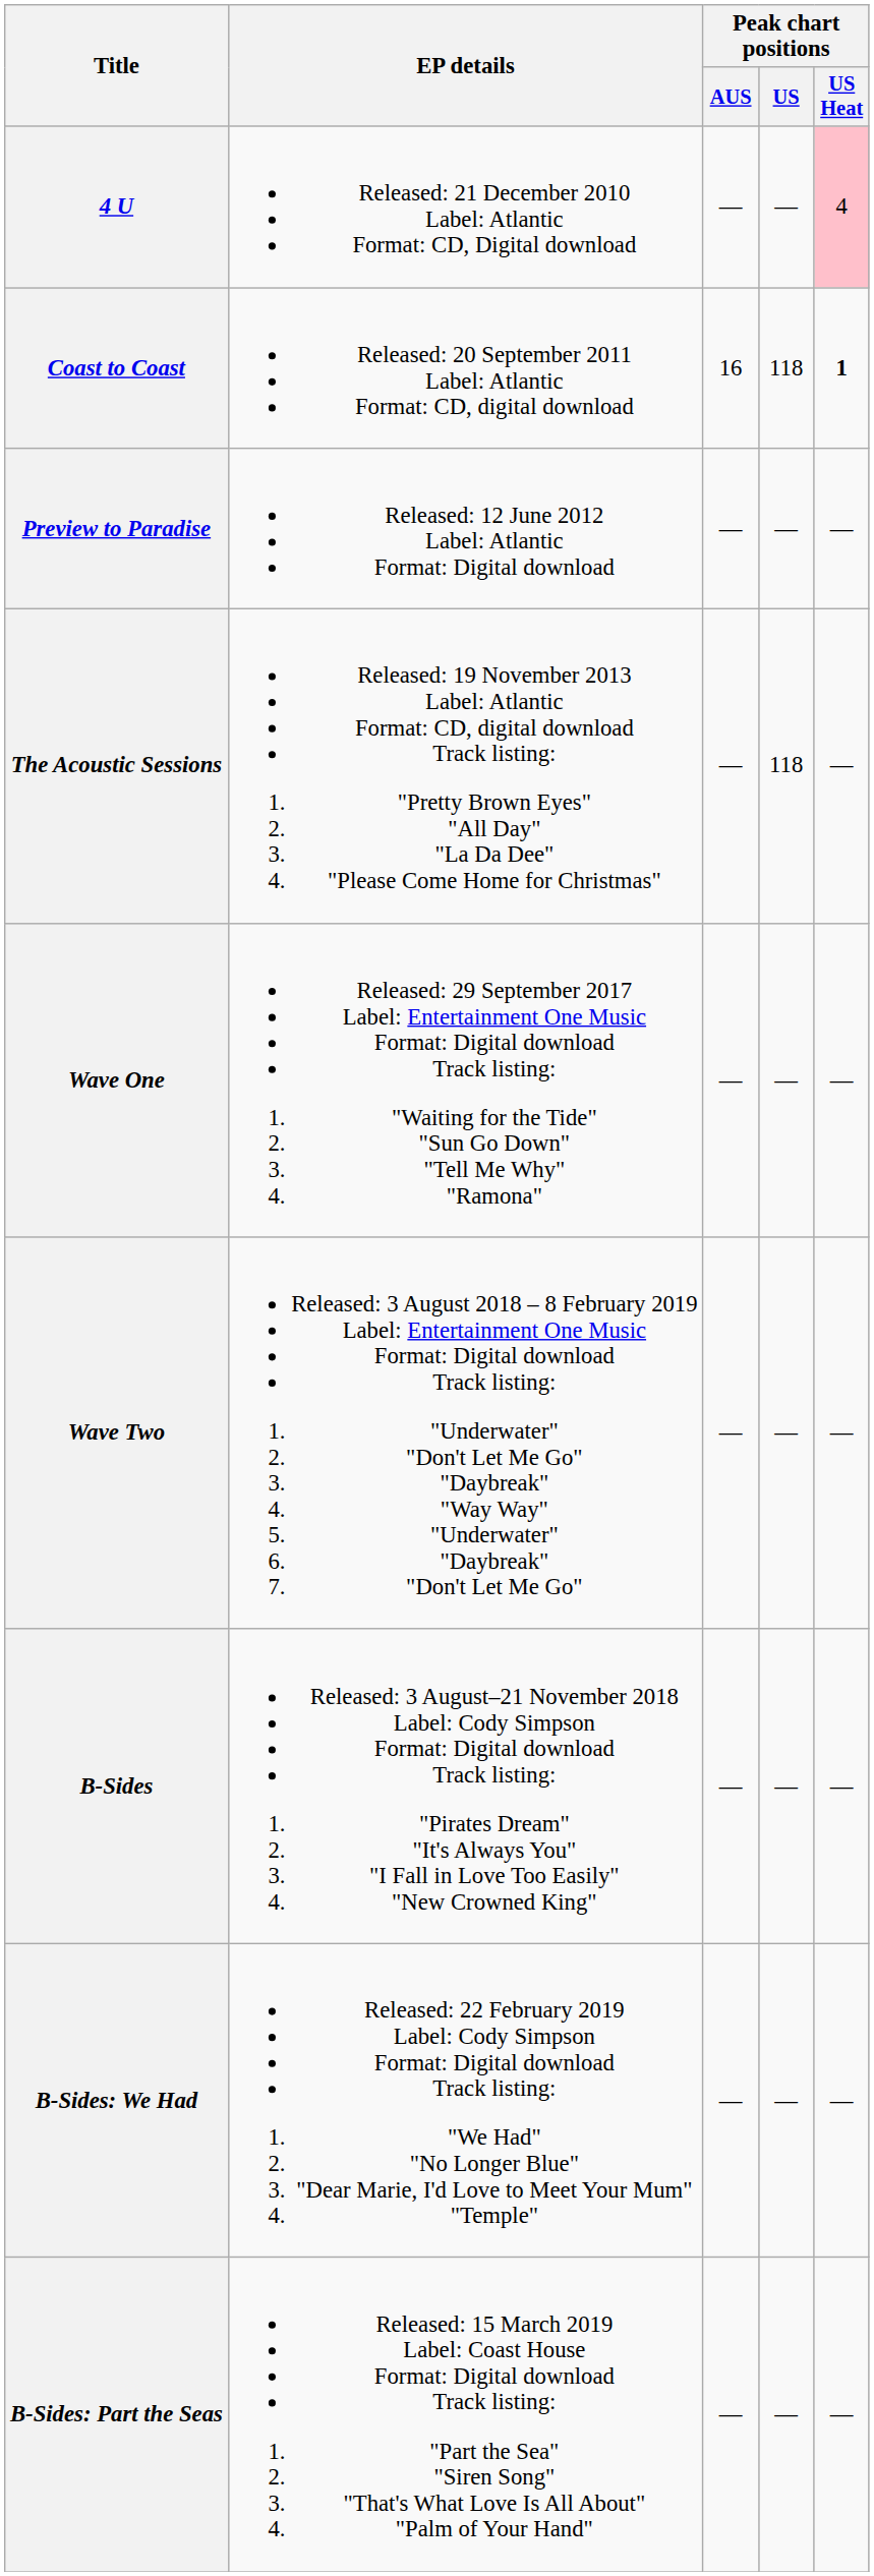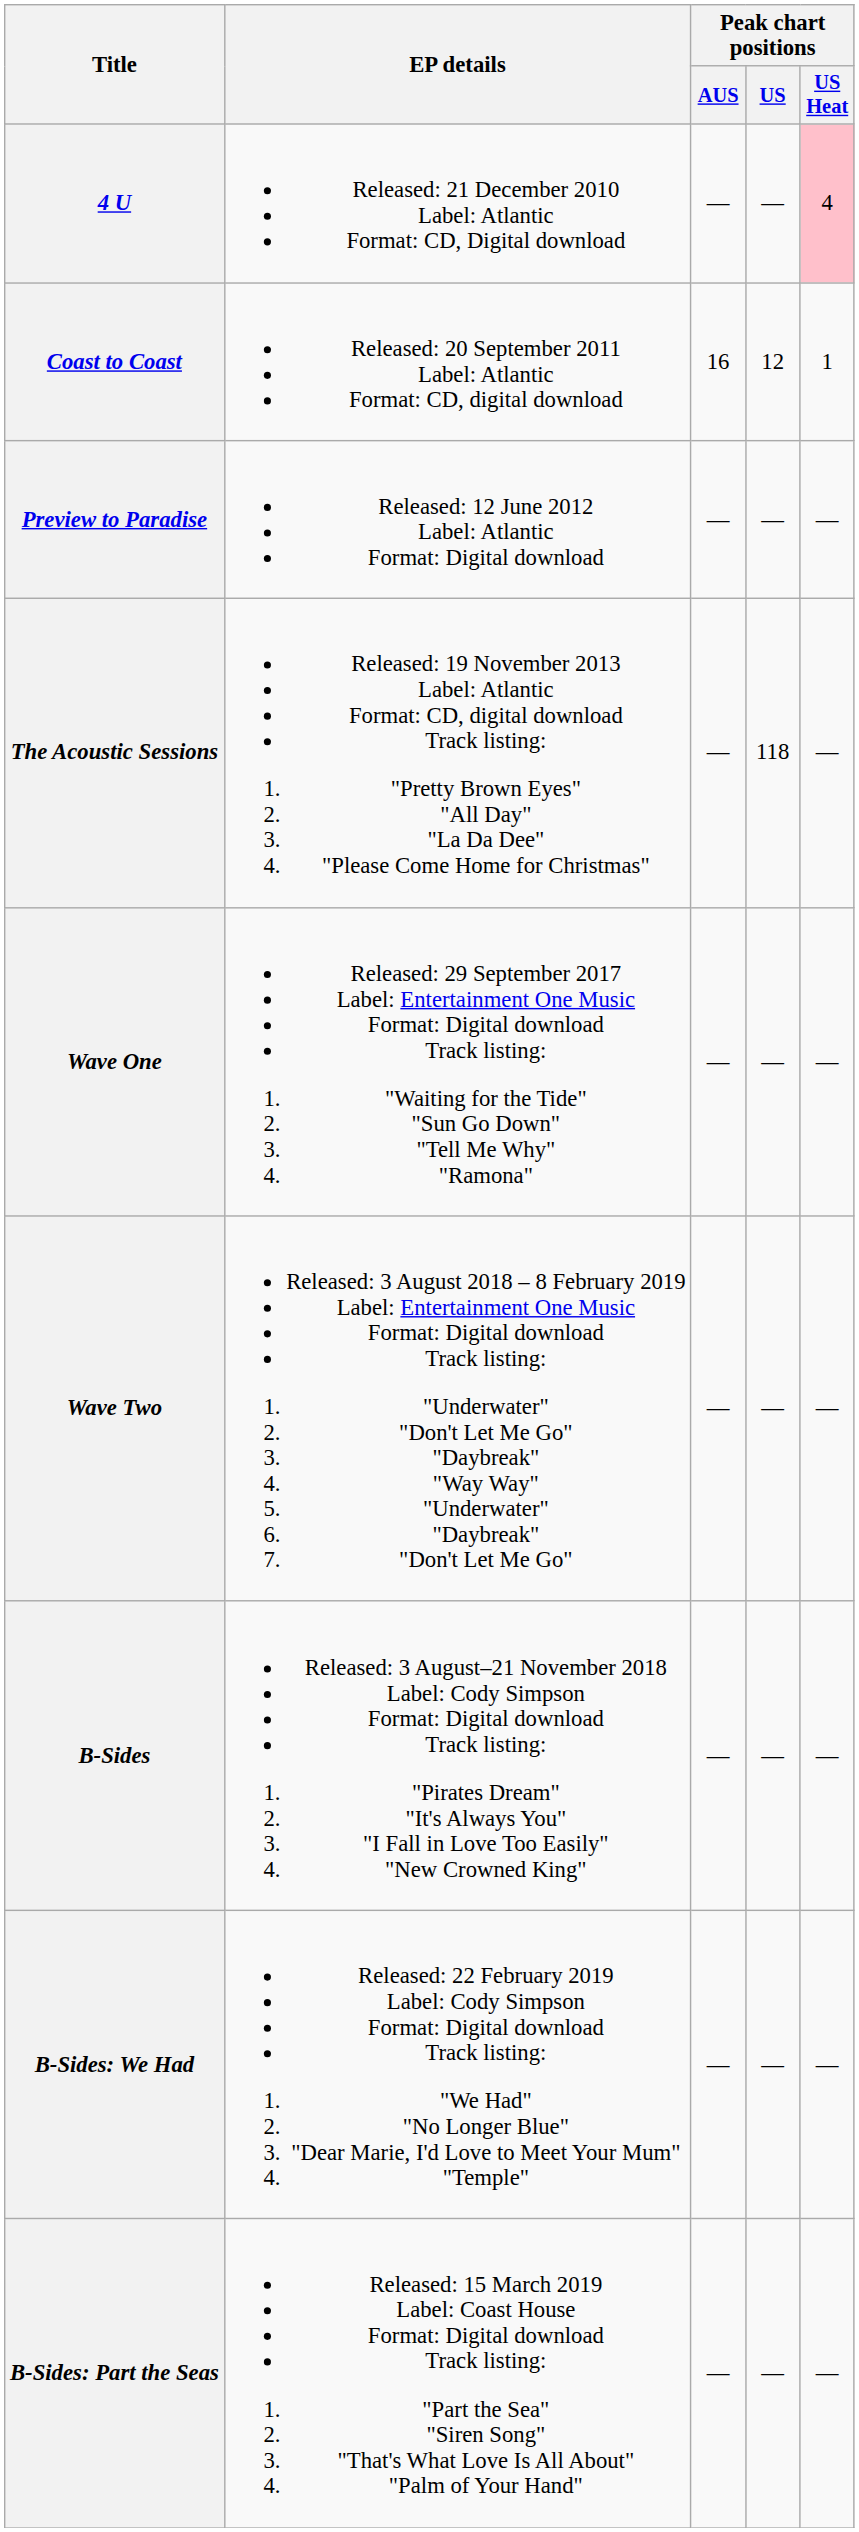 <table class="wikitable plainrowheaders" style="text-align:center;">
 <tr>
 <th scope="col" rowspan="2">Title</th>
 <th scope="col" rowspan="2">EP details</th>
 <th scope="col" colspan="3">Peak chart positions</th>
 </tr>
 <tr>
 <th scope="col" style="width:2.2em;font-size:90%;"><a href='#'>AUS</a><br></th>
 <th scope="col" style="width:2.2em;font-size:90%;"><a href='#'>US</a><br></th>
 <th scope="col" style="width:2.2em;font-size:90%;"><a href='#'>US Heat</a></th>
 </tr>
 <tr>
 <th scope="row"><em><a href='#'>4 U</a></em></th>
 <td><br><ul><li>Released: 21 December 2010</li><li>Label: Atlantic</li><li>Format: CD, Digital download</li></ul></td>
 <td>—</td>
 <td>—</td>
 <td style="background: pink;">4</td>
 </tr>
 <tr>
 <th scope="row"><em><a href='#'>Coast to Coast</a></em></th>
 <td><br><ul><li>Released: 20 September 2011</li><li>Label: Atlantic</li><li>Format: CD, digital download</li></ul></td>
 <td>16</td>
-<td>118</td>
-<td><strong>1</strong></td>
+<td>12</td>
+<td>1</td>
 </tr>
 <tr>
 <th scope="row"><em><a href='#'>Preview to Paradise</a></em></th>
 <td><br><ul><li>Released: 12 June 2012</li><li>Label: Atlantic</li><li>Format: Digital download</li></ul></td>
 <td>—</td>
 <td>—</td>
 <td>—</td>
 </tr>
 <tr>
 <th scope="row"><em>The Acoustic Sessions</em></th>
 <td><br><ul><li>Released: 19 November 2013</li><li>Label: Atlantic</li><li>Format: CD, digital download</li><li>Track listing:</li></ul><ol><li>"Pretty Brown Eyes" </li><li>"All Day" </li><li>"La Da Dee" </li><li>"Please Come Home for Christmas" </li></ol></td>
 <td>—</td>
 <td>118</td>
 <td>—</td>
 </tr>
 <tr>
 <th scope="row"><em>Wave One</em></th>
 <td><br><ul><li>Released: 29 September 2017</li><li>Label: <a href='#'>Entertainment One Music</a></li><li>Format: Digital download</li><li>Track listing:</li></ul><ol><li>"Waiting for the Tide"</li><li>"Sun Go Down"</li><li>"Tell Me Why"</li><li>"Ramona"</li></ol></td>
 <td>—</td>
 <td>—</td>
 <td>—</td>
 </tr>
 <tr>
 <th scope="row"><em>Wave Two</em></th>
 <td><br><ul><li>Released: 3 August 2018 – 8 February 2019</li><li>Label: <a href='#'>Entertainment One Music</a></li><li>Format: Digital download</li><li>Track listing:</li></ul><ol><li>"Underwater" </li><li>"Don't Let Me Go" </li><li>"Daybreak" </li><li>"Way Way" </li><li>"Underwater" </li><li>"Daybreak" </li><li>"Don't Let Me Go" </li></ol></td>
 <td>—</td>
 <td>—</td>
 <td>—</td>
 </tr>
 <tr>
 <th scope="row"><em>B-Sides</em></th>
 <td><br><ul><li>Released: 3 August–21 November 2018</li><li>Label: Cody Simpson</li><li>Format: Digital download</li><li>Track listing:</li></ul><ol><li>"Pirates Dream" </li><li>"It's Always You" </li><li>"I Fall in Love Too Easily" </li><li>"New Crowned King" </li></ol></td>
 <td>—</td>
 <td>—</td>
 <td>—</td>
 </tr>
 <tr>
 <th scope="row"><em>B-Sides: We Had</em></th>
 <td><br><ul><li>Released: 22 February 2019</li><li>Label: Cody Simpson</li><li>Format: Digital download</li><li>Track listing:</li></ul><ol><li>"We Had"</li><li>"No Longer Blue"</li><li>"Dear Marie, I'd Love to Meet Your Mum"</li><li>"Temple"</li></ol></td>
 <td>—</td>
 <td>—</td>
 <td>—</td>
 </tr>
 <tr>
 <th scope="row"><em>B-Sides: Part the Seas</em></th>
 <td><br><ul><li>Released: 15 March 2019</li><li>Label: Coast House</li><li>Format: Digital download</li><li>Track listing:</li></ul><ol><li>"Part the Sea"</li><li>"Siren Song"</li><li>"That's What Love Is All About"</li><li>"Palm of Your Hand"</li></ol></td>
 <td>—</td>
 <td>—</td>
 <td>—</td>
 </tr>
 </table>
